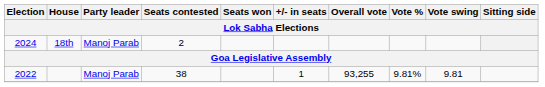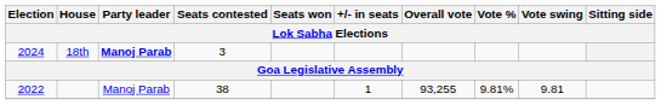 <table class="wikitable" style="text-align:center">
 <tr>
 <th style="background-color:">Election</th>
 <th style="background-color:">House</th>
 <th style="background-color:">Party leader</th>
 <th style="background-color:">Seats contested</th>
 <th style="background-color:">Seats won</th>
 <th style="background-color:">+/- in seats</th>
 <th style="background-color:">Overall vote</th>
 <th style="background-color:">Vote %</th>
 <th style="background-color:">Vote swing</th>
 <th style="background-color:">Sitting side</th>
 </tr>
 <tr>
 <th colspan="10"><a href='#'>Lok Sabha</a> Elections</th>
 </tr>
 <tr>
 <td><a href='#'>2024</a></td>
 <td><a href='#'>18th</a></td>
-<td><a href='#'>Manoj Parab</a></td>
-<td>2</td>
+<td><strong><a href='#'>Manoj Parab</a></strong></td>
+<td>3</td>
 <td></td>
 <td></td>
 <td></td>
 <td></td>
 <td></td>
 <th></th>
 </tr>
 <tr>
 <th colspan="10"><a href='#'>Goa Legislative Assembly</a></th>
 </tr>
 <tr>
 <td><a href='#'>2022</a></td>
 <td></td>
 <td><a href='#'>Manoj Parab</a></td>
 <td>38</td>
 <td></td>
 <td>1</td>
 <td>93,255</td>
 <td>9.81%</td>
 <td>9.81</td>
 <td></td>
 </tr>
 <tr>
 </tr>
 </table>
